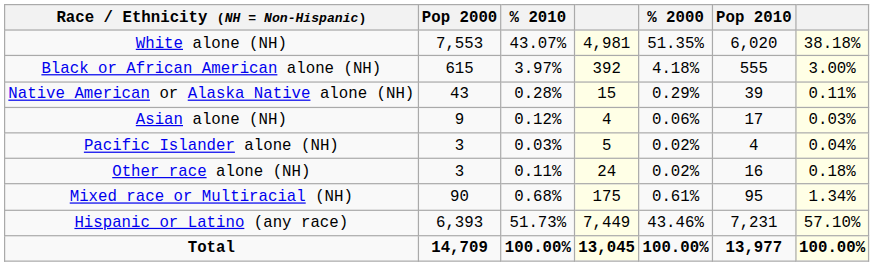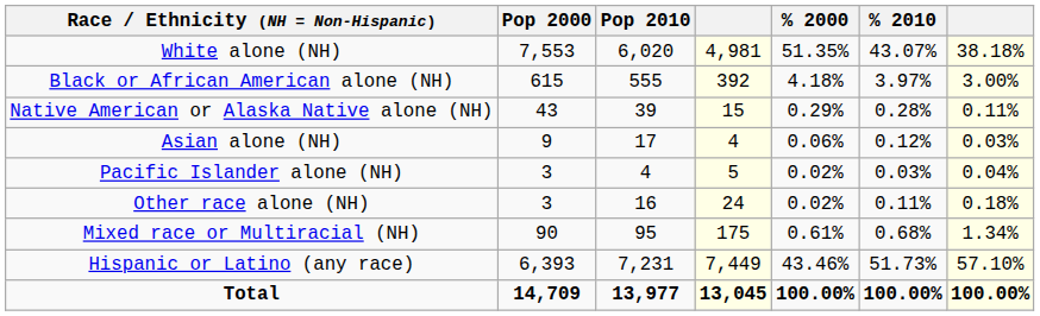 <table class="wikitable" style="text-align:center;">
 <tr>
 <th>Race / Ethnicity <small>(<em>NH = Non-Hispanic</em>)</small></th>
 <th>Pop 2000</th>
-<th>% 2010</th>
+<th>Pop 2010</th>
 <th></th>
 <th>% 2000</th>
-<th>Pop 2010</th>
+<th>% 2010</th>
 <th></th>
 </tr>
 <tr>
 <td><a href='#'>White</a> alone (NH)</td>
 <td>7,553</td>
-<td>43.07%</td>
+<td>6,020</td>
 <td style='background: #ffffe6;'>4,981</td>
 <td>51.35%</td>
-<td>6,020</td>
+<td>43.07%</td>
 <td style='background: #ffffe6;'>38.18%</td>
 </tr>
 <tr>
 <td><a href='#'>Black or African American</a> alone (NH)</td>
 <td>615</td>
-<td>3.97%</td>
+<td>555</td>
 <td style='background: #ffffe6;'>392</td>
 <td>4.18%</td>
-<td>555</td>
+<td>3.97%</td>
 <td style='background: #ffffe6;'>3.00%</td>
 </tr>
 <tr>
 <td><a href='#'>Native American</a> or <a href='#'>Alaska Native</a> alone (NH)</td>
 <td>43</td>
-<td>0.28%</td>
+<td>39</td>
 <td style='background: #ffffe6;'>15</td>
 <td>0.29%</td>
-<td>39</td>
+<td>0.28%</td>
 <td style='background: #ffffe6;'>0.11%</td>
 </tr>
 <tr>
 <td><a href='#'>Asian</a> alone (NH)</td>
 <td>9</td>
-<td>0.12%</td>
+<td>17</td>
 <td style='background: #ffffe6;'>4</td>
 <td>0.06%</td>
-<td>17</td>
+<td>0.12%</td>
 <td style='background: #ffffe6;'>0.03%</td>
 </tr>
 <tr>
 <td><a href='#'>Pacific Islander</a> alone (NH)</td>
 <td>3</td>
-<td>0.03%</td>
+<td>4</td>
 <td style='background: #ffffe6;'>5</td>
 <td>0.02%</td>
-<td>4</td>
+<td>0.03%</td>
 <td style='background: #ffffe6;'>0.04%</td>
 </tr>
 <tr>
 <td><a href='#'>Other race</a> alone (NH)</td>
 <td>3</td>
-<td>0.11%</td>
+<td>16</td>
 <td style='background: #ffffe6;'>24</td>
 <td>0.02%</td>
-<td>16</td>
+<td>0.11%</td>
 <td style='background: #ffffe6;'>0.18%</td>
 </tr>
 <tr>
 <td><a href='#'>Mixed race or Multiracial</a> (NH)</td>
 <td>90</td>
-<td>0.68%</td>
+<td>95</td>
 <td style='background: #ffffe6;'>175</td>
 <td>0.61%</td>
-<td>95</td>
+<td>0.68%</td>
 <td style='background: #ffffe6;'>1.34%</td>
 </tr>
 <tr>
 <td><a href='#'>Hispanic or Latino</a> (any race)</td>
 <td>6,393</td>
-<td>51.73%</td>
+<td>7,231</td>
 <td style='background: #ffffe6;'>7,449</td>
 <td>43.46%</td>
-<td>7,231</td>
+<td>51.73%</td>
 <td style='background: #ffffe6;'>57.10%</td>
 </tr>
 <tr>
 <td><strong>Total</strong></td>
 <td><strong>14,709</strong></td>
-<td><strong>100.00%</strong></td>
+<td><strong>13,977</strong></td>
 <td style='background: #ffffe6;'><strong>13,045</strong></td>
 <td><strong>100.00%</strong></td>
-<td><strong>13,977</strong></td>
+<td><strong>100.00%</strong></td>
 <td style='background: #ffffe6;'><strong>100.00%</strong></td>
 </tr>
 </table>
